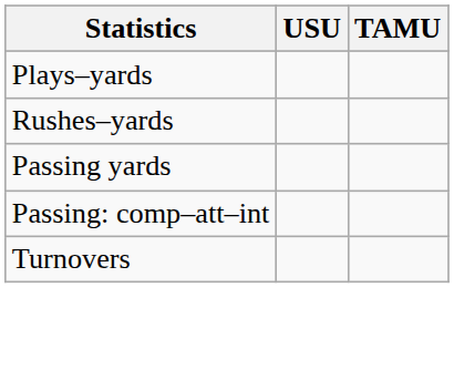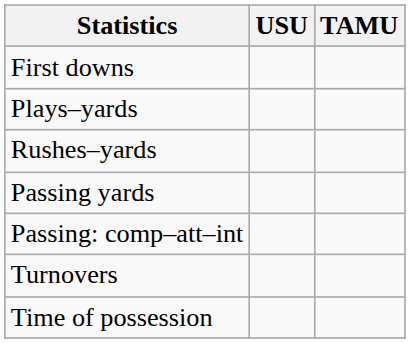 <table class="wikitable" style="float:left">
 <tr>
 <th>Statistics</th>
 <th>USU</th>
 <th>TAMU</th>
+</tr>
+<tr>
+<td>First downs</td>
+<td></td>
+<td></td>
 </tr>
 <tr>
 <td>Plays–yards</td>
 <td></td>
 <td></td>
 </tr>
 <tr>
 <td>Rushes–yards</td>
 <td></td>
 <td></td>
 </tr>
 <tr>
 <td>Passing yards</td>
 <td></td>
 <td></td>
 </tr>
 <tr>
 <td>Passing: comp–att–int</td>
 <td></td>
 <td></td>
 </tr>
 <tr>
 <td>Turnovers</td>
 <td></td>
 <td></td>
 </tr>
+<tr>
+<td>Time of possession</td>
+<td></td>
+<td></td>
+</tr>
 </table>
